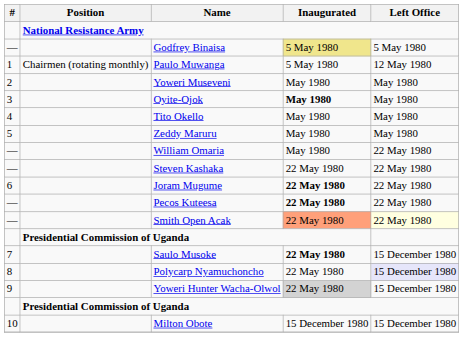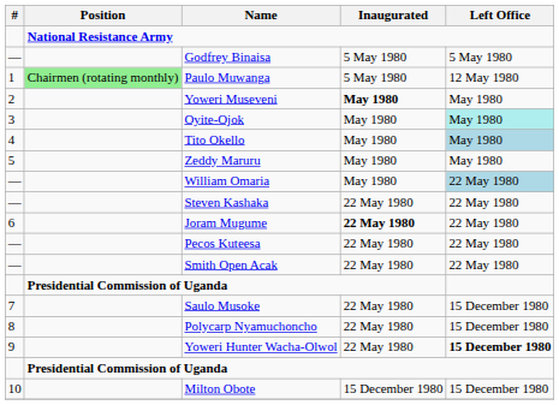 <table class="wikitable">
 <tr>
 <th>#</th>
 <th>Position</th>
 <th>Name</th>
 <th>Inaugurated</th>
 <th>Left Office</th>
 </tr>
 <tr>
 <td></td>
 <td colspan="4"><strong><a href='#'>National Resistance Army</a></strong></td>
 </tr>
 <tr>
 <td>—</td>
 <td></td>
 <td><a href='#'>Godfrey Binaisa</a></td>
-<td style="background: khaki;">5 May 1980</td>
+<td>5 May 1980</td>
 <td>5 May 1980</td>
 </tr>
 <tr>
 <td>1</td>
-<td>Chairmen (rotating monthly)</td>
+<td style="background: lightgreen;">Chairmen (rotating monthly)</td>
 <td><a href='#'>Paulo Muwanga</a></td>
 <td>5 May 1980</td>
 <td>12 May 1980</td>
 </tr>
 <tr>
 <td>2</td>
 <td></td>
 <td><a href='#'>Yoweri Museveni</a></td>
-<td>May 1980</td>
+<td><strong>May 1980</strong></td>
 <td>May 1980</td>
 </tr>
 <tr>
 <td>3</td>
 <td></td>
 <td><a href='#'>Oyite-Ojok</a></td>
-<td><strong>May 1980</strong></td>
 <td>May 1980</td>
+<td style="background: paleturquoise;">May 1980</td>
 </tr>
 <tr>
 <td>4</td>
 <td></td>
 <td><a href='#'>Tito Okello</a></td>
 <td>May 1980</td>
-<td>May 1980</td>
+<td style="background: lightblue;">May 1980</td>
 </tr>
 <tr>
 <td>5</td>
 <td></td>
 <td><a href='#'>Zeddy Maruru</a></td>
 <td>May 1980</td>
 <td>May 1980</td>
 </tr>
 <tr>
 <td>—</td>
 <td></td>
 <td><a href='#'>William Omaria</a></td>
 <td>May 1980</td>
-<td>22 May 1980</td>
+<td style="background: lightblue;">22 May 1980</td>
 </tr>
 <tr>
 <td>—</td>
 <td></td>
 <td><a href='#'>Steven Kashaka</a></td>
 <td>22 May 1980</td>
 <td>22 May 1980</td>
 </tr>
 <tr>
 <td>6</td>
 <td></td>
 <td><a href='#'>Joram Mugume</a></td>
 <td><strong>22 May 1980</strong></td>
 <td>22 May 1980</td>
 </tr>
 <tr>
 <td>—</td>
 <td></td>
 <td><a href='#'>Pecos Kuteesa</a></td>
-<td><strong>22 May 1980</strong></td>
+<td>22 May 1980</td>
 <td>22 May 1980</td>
 </tr>
 <tr>
 <td>—</td>
 <td></td>
 <td><a href='#'>Smith Open Acak</a></td>
-<td style="background: lightsalmon;">22 May 1980</td>
-<td style="background: lightyellow;">22 May 1980</td>
+<td>22 May 1980</td>
+<td>22 May 1980</td>
 </tr>
 <tr>
 <td></td>
 <td colspan="3"><strong>Presidential Commission of Uganda</strong></td>
 <td></td>
 </tr>
 <tr>
 <td>7</td>
 <td></td>
 <td><a href='#'>Saulo Musoke</a></td>
-<td><strong>22  May 1980</strong></td>
+<td>22  May 1980</td>
 <td>15 December 1980</td>
 </tr>
 <tr>
 <td>8</td>
 <td></td>
 <td><a href='#'>Polycarp Nyamuchoncho</a></td>
 <td>22 May 1980</td>
-<td style="background: lavender;">15 December 1980</td>
+<td>15 December 1980</td>
 </tr>
 <tr>
 <td>9</td>
 <td></td>
 <td><a href='#'>Yoweri Hunter Wacha-Olwol</a></td>
-<td style="background: lightgrey;">22 May 1980</td>
-<td>15 December 1980</td>
+<td>22 May 1980</td>
+<td><strong>15 December 1980</strong></td>
 </tr>
 <tr>
 <td></td>
 <td colspan="4"><strong>Presidential Commission of Uganda</strong></td>
 </tr>
 <tr>
 <td>10</td>
 <td></td>
 <td><a href='#'>Milton Obote</a></td>
 <td>15 December 1980</td>
 <td>15 December 1980</td>
 </tr>
 <tr>
 </tr>
 </table>
